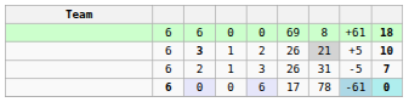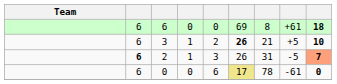 <table class="wikitable" style="text-align: center;">
 <tr>
 <th width=165>Team</th>
 <th width=30></th>
 <th width=30></th>
 <th width=30></th>
 <th width=30></th>
 <th width=30></th>
 <th width=30></th>
 <th width=30></th>
 <th width=30></th>
 </tr>
 <tr bgcolor=ccffcc>
 <td align=left></td>
 <td>6</td>
 <td>6</td>
 <td>0</td>
 <td>0</td>
 <td>69</td>
 <td>8</td>
 <td>+61</td>
 <td><strong>18</strong></td>
 </tr>
 <tr>
 <td align=left></td>
 <td>6</td>
-<td><strong>3</strong></td>
+<td>3</td>
 <td>1</td>
 <td>2</td>
-<td>26</td>
-<td style="background: lightgrey;">21</td>
+<td><strong>26</strong></td>
+<td>21</td>
 <td>+5</td>
 <td><strong>10</strong></td>
 </tr>
 <tr>
 <td align=left></td>
-<td>6</td>
+<td><strong>6</strong></td>
 <td>2</td>
 <td>1</td>
 <td>3</td>
 <td>26</td>
 <td>31</td>
 <td>-5</td>
-<td><strong>7</strong></td>
+<td style="background: lightsalmon;"><strong>7</strong></td>
 </tr>
 <tr>
 <td align=left></td>
-<td><strong>6</strong></td>
-<td style="background: lavender;">0</td>
+<td>6</td>
 <td>0</td>
-<td style="background: lavender;">6</td>
-<td>17</td>
+<td>0</td>
+<td>6</td>
+<td style="background: khaki;">17</td>
 <td>78</td>
-<td style="background: lightblue;">-61</td>
-<td style="background: paleturquoise;"><strong>0</strong></td>
+<td>-61</td>
+<td><strong>0</strong></td>
 </tr>
 <tr>
 </tr>
 </table>
